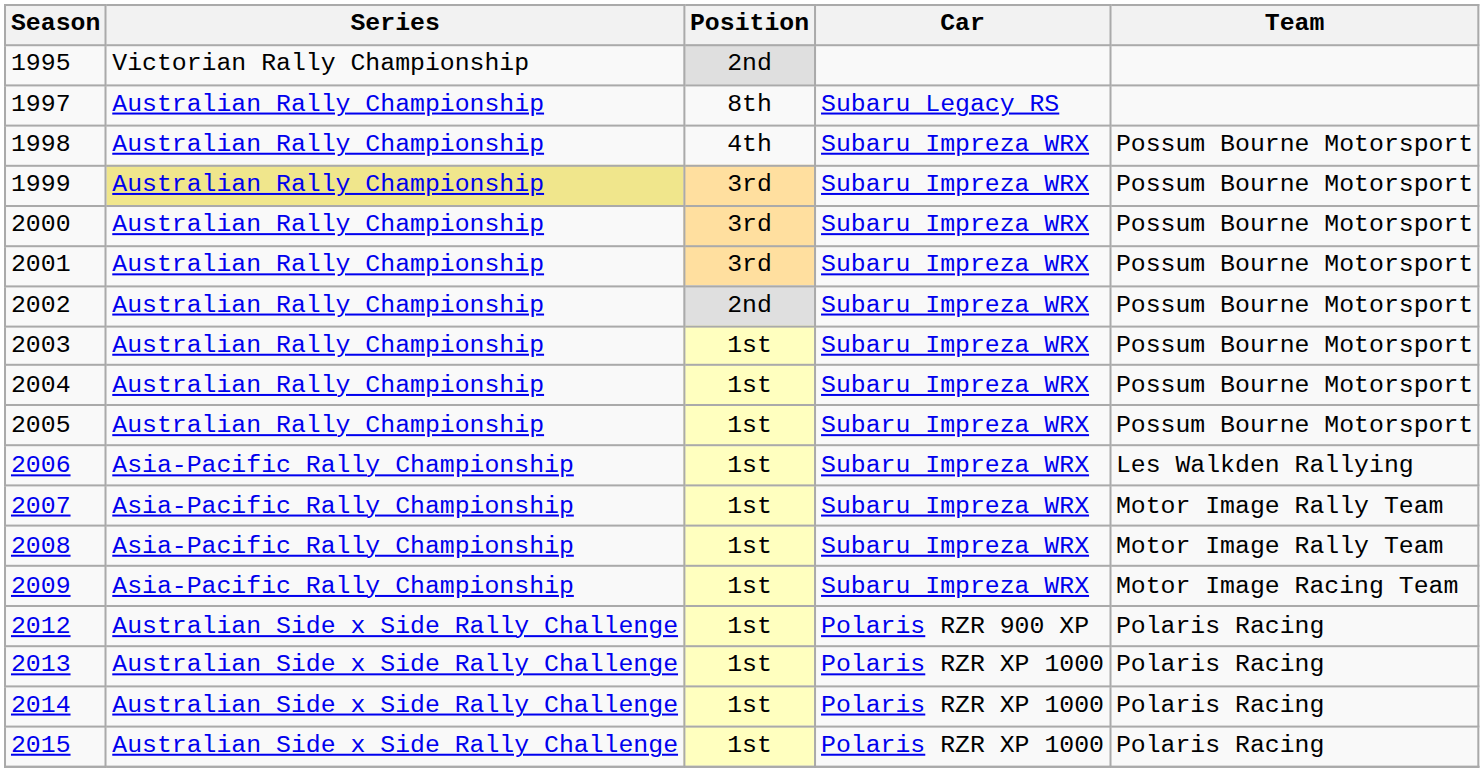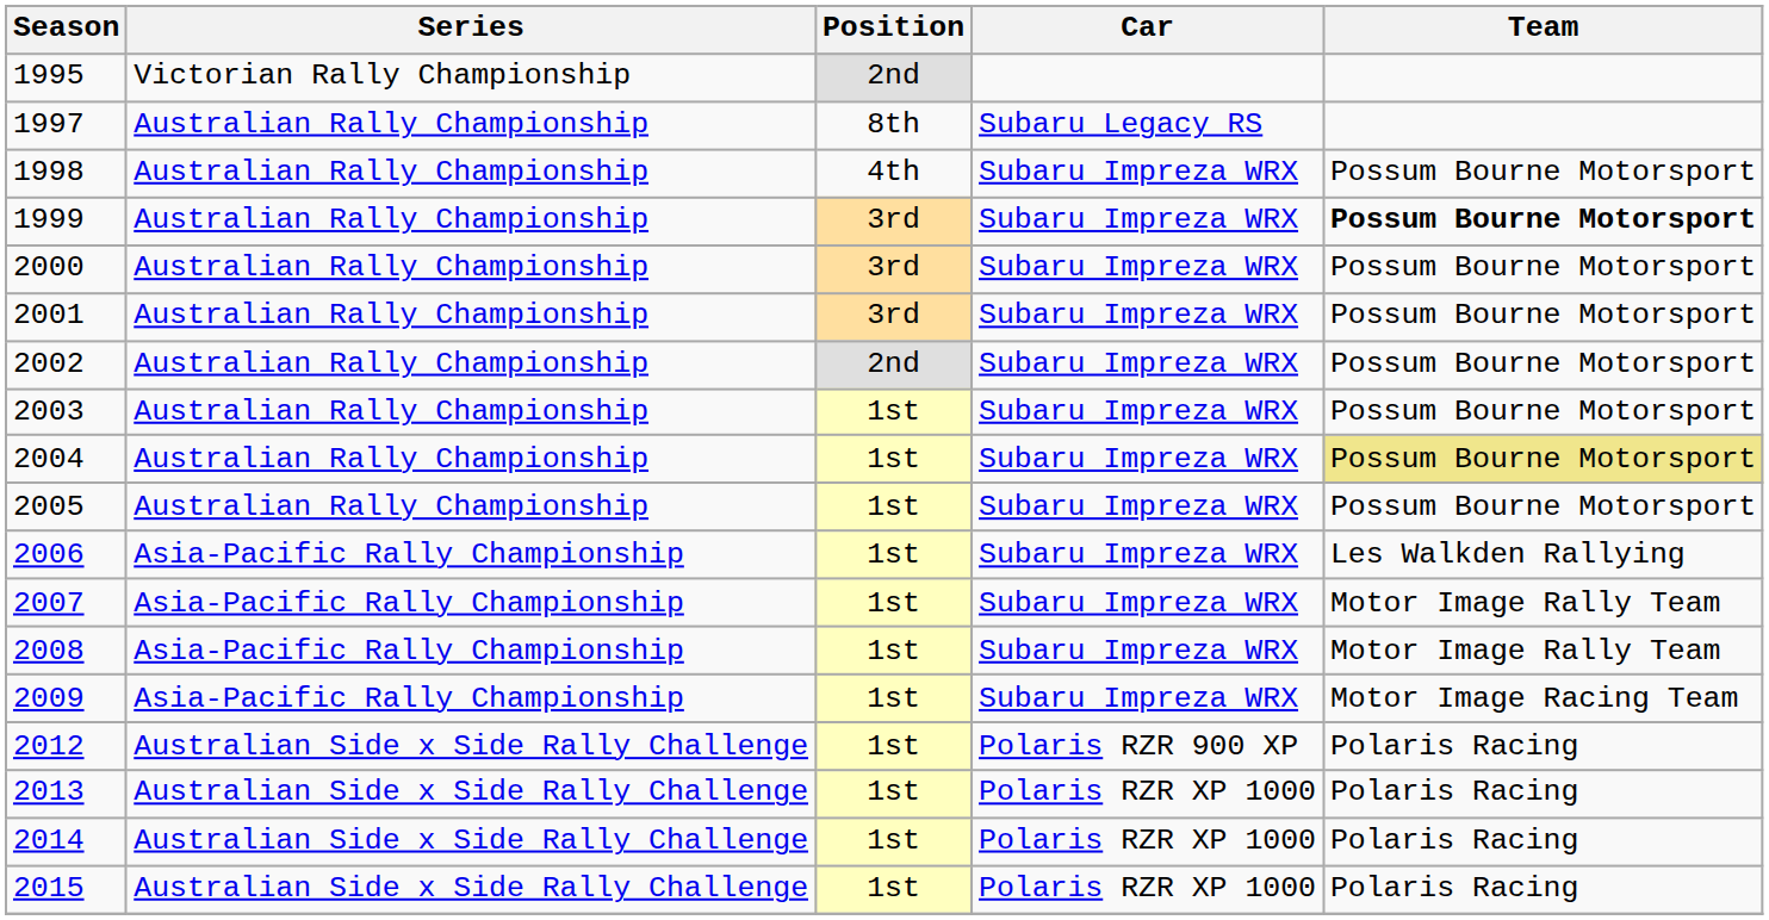 <table class="wikitable" style="font-size: 95%;">
 <tr>
 <th>Season</th>
 <th>Series</th>
 <th>Position</th>
 <th>Car</th>
 <th>Team</th>
 </tr>
 <tr>
 <td>1995</td>
 <td>Victorian Rally Championship</td>
 <td align="center" style="background:#dfdfdf;">2nd</td>
 <td></td>
 <td></td>
 </tr>
 <tr>
 <td>1997</td>
 <td><a href='#'>Australian Rally Championship</a></td>
 <td align="center">8th</td>
 <td><a href='#'>Subaru Legacy RS</a></td>
 <td></td>
 </tr>
 <tr>
 <td>1998</td>
 <td><a href='#'>Australian Rally Championship</a></td>
 <td align="center">4th</td>
 <td><a href='#'>Subaru Impreza WRX</a></td>
 <td>Possum Bourne Motorsport</td>
 </tr>
 <tr>
 <td>1999</td>
-<td style="background: khaki;"><a href='#'>Australian Rally Championship</a></td>
+<td><a href='#'>Australian Rally Championship</a></td>
 <td align="center" style="background:#ffdf9f;">3rd</td>
 <td><a href='#'>Subaru Impreza WRX</a></td>
-<td>Possum Bourne Motorsport</td>
+<td><strong>Possum Bourne Motorsport</strong></td>
 </tr>
 <tr>
 <td>2000</td>
 <td><a href='#'>Australian Rally Championship</a></td>
 <td align="center" style="background:#ffdf9f;">3rd</td>
 <td><a href='#'>Subaru Impreza WRX</a></td>
 <td>Possum Bourne Motorsport</td>
 </tr>
 <tr>
 <td>2001</td>
 <td><a href='#'>Australian Rally Championship</a></td>
 <td align="center" style="background:#ffdf9f;">3rd</td>
 <td><a href='#'>Subaru Impreza WRX</a></td>
 <td>Possum Bourne Motorsport</td>
 </tr>
 <tr>
 <td>2002</td>
 <td><a href='#'>Australian Rally Championship</a></td>
 <td align="center" style="background:#dfdfdf;">2nd</td>
 <td><a href='#'>Subaru Impreza WRX</a></td>
 <td>Possum Bourne Motorsport</td>
 </tr>
 <tr>
 <td>2003</td>
 <td><a href='#'>Australian Rally Championship</a></td>
 <td align="center" style="background:#ffffbf;">1st</td>
 <td><a href='#'>Subaru Impreza WRX</a></td>
 <td>Possum Bourne Motorsport</td>
 </tr>
 <tr>
 <td>2004</td>
 <td><a href='#'>Australian Rally Championship</a></td>
 <td align="center" style="background:#ffffbf;">1st</td>
 <td><a href='#'>Subaru Impreza WRX</a></td>
-<td>Possum Bourne Motorsport</td>
+<td style="background: khaki;">Possum Bourne Motorsport</td>
 </tr>
 <tr>
 <td>2005</td>
 <td><a href='#'>Australian Rally Championship</a></td>
 <td align="center" style="background:#ffffbf;">1st</td>
 <td><a href='#'>Subaru Impreza WRX</a></td>
 <td>Possum Bourne Motorsport</td>
 </tr>
 <tr>
 <td><a href='#'>2006</a></td>
 <td><a href='#'>Asia-Pacific Rally Championship</a></td>
 <td align="center" style="background:#ffffbf;">1st</td>
 <td><a href='#'>Subaru Impreza WRX</a></td>
 <td>Les Walkden Rallying</td>
 </tr>
 <tr>
 <td><a href='#'>2007</a></td>
 <td><a href='#'>Asia-Pacific Rally Championship</a></td>
 <td align="center" style="background:#ffffbf;">1st</td>
 <td><a href='#'>Subaru Impreza WRX</a></td>
 <td>Motor Image Rally Team</td>
 </tr>
 <tr>
 <td><a href='#'>2008</a></td>
 <td><a href='#'>Asia-Pacific Rally Championship</a></td>
 <td align="center" style="background:#ffffbf;">1st</td>
 <td><a href='#'>Subaru Impreza WRX</a></td>
 <td>Motor Image Rally Team</td>
 </tr>
 <tr>
 <td><a href='#'>2009</a></td>
 <td><a href='#'>Asia-Pacific Rally Championship</a></td>
 <td align="center" style="background:#ffffbf;">1st</td>
 <td><a href='#'>Subaru Impreza WRX</a></td>
 <td>Motor Image Racing Team</td>
 </tr>
 <tr>
 <td><a href='#'>2012</a></td>
 <td><a href='#'>Australian Side x Side Rally Challenge</a></td>
 <td align="center" style="background:#ffffbf;">1st</td>
 <td><a href='#'>Polaris</a> RZR 900 XP</td>
 <td>Polaris Racing</td>
 </tr>
 <tr>
 <td><a href='#'>2013</a></td>
 <td><a href='#'>Australian Side x Side Rally Challenge</a></td>
 <td align="center" style="background:#ffffbf;">1st</td>
 <td><a href='#'>Polaris</a> RZR XP 1000</td>
 <td>Polaris Racing</td>
 </tr>
 <tr>
 <td><a href='#'>2014</a></td>
 <td><a href='#'>Australian Side x Side Rally Challenge</a></td>
 <td align="center" style="background:#ffffbf;">1st</td>
 <td><a href='#'>Polaris</a> RZR XP 1000</td>
 <td>Polaris Racing</td>
 </tr>
 <tr>
 <td><a href='#'>2015</a></td>
 <td><a href='#'>Australian Side x Side Rally Challenge</a></td>
 <td align="center" style="background:#ffffbf;">1st</td>
 <td><a href='#'>Polaris</a> RZR XP 1000</td>
 <td>Polaris Racing</td>
 </tr>
 <tr>
 </tr>
 </table>
